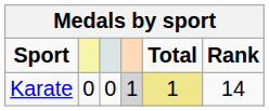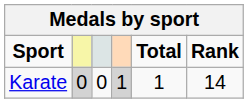 <table class="wikitable" style="font-size:100%;">
 <tr align=center style="background:#efefef;">
 <th colspan=7><strong>Medals by sport</strong></th>
 </tr>
 <tr align=center align=center>
 <td><strong>Sport</strong></td>
 <td style="background:#f7f6a8;"></td>
 <td style="background:#dce5e5;"></td>
 <td style="background:#ffdab9;"></td>
 <td><strong>Total</strong></td>
 <td><strong>Rank</strong></td>
 </tr>
 <tr align=center align=center>
 <td align=left><a href='#'>Karate</a></td>
-<td>0</td>
+<td style="background: lightgrey;">0</td>
 <td>0</td>
 <td style="background: lightgrey;">1</td>
-<td style="background: khaki;">1</td>
+<td>1</td>
 <td>14</td>
 </tr>
 </table>
